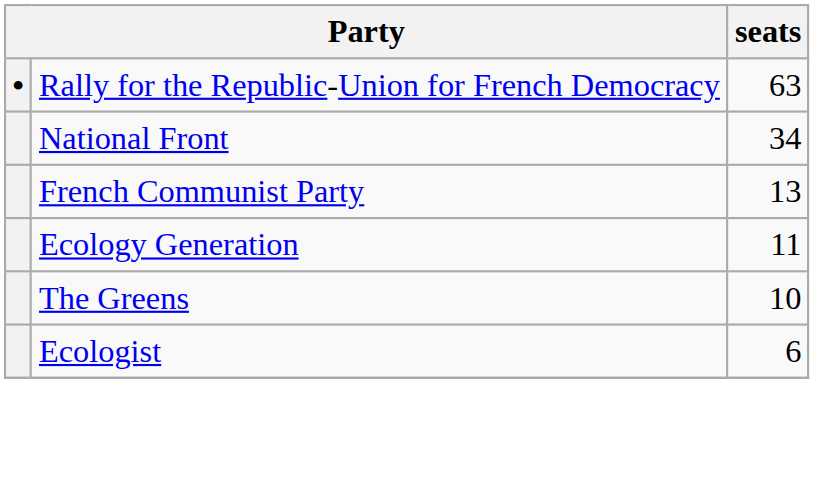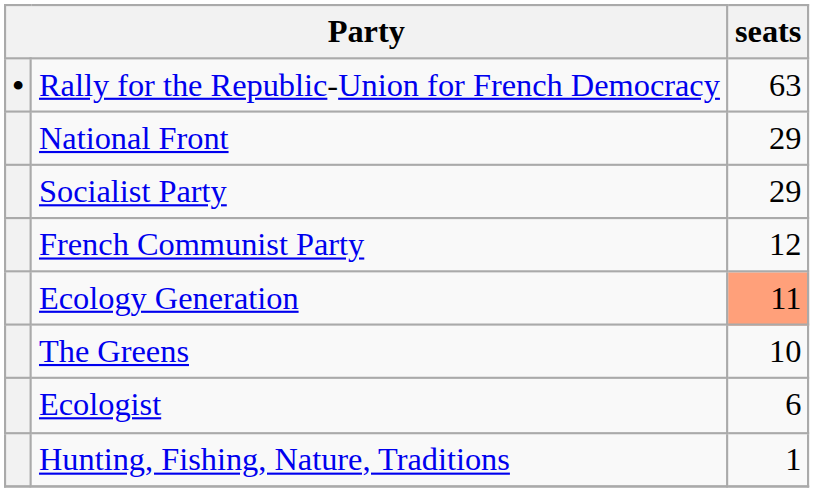 <table class="wikitable" style="font-size: 95%;">
 <tr>
 <th colspan=2>Party</th>
 <th>seats</th>
 </tr>
 <tr>
 <th style="background-color: "><span>•</span></th>
 <td><a href='#'>Rally for the Republic</a>-<a href='#'>Union for French Democracy</a></td>
 <td align="right">63</td>
 </tr>
 <tr>
 <th style="background-color: "></th>
 <td><a href='#'>National Front</a></td>
-<td align="right">34</td>
+<td align="right">29</td>
+</tr>
+<tr>
+<th style="background-color: "></th>
+<td><a href='#'>Socialist Party</a></td>
+<td align="right">29</td>
 </tr>
 <tr>
 <th style="background-color: "></th>
 <td><a href='#'>French Communist Party</a></td>
-<td align="right">13</td>
+<td align="right">12</td>
 </tr>
 <tr>
 <th style="background-color: "></th>
 <td><a href='#'>Ecology Generation</a></td>
-<td align="right">11</td>
+<td align="right" style="background: lightsalmon;">11</td>
 </tr>
 <tr>
 <th style="background-color: "></th>
 <td><a href='#'>The Greens</a></td>
 <td align="right">10</td>
 </tr>
 <tr>
 <th style="background-color: "></th>
 <td><a href='#'>Ecologist</a></td>
 <td align="right">6</td>
 </tr>
 <tr>
+<th style="background-color: "></th>
+<td><a href='#'>Hunting, Fishing, Nature, Traditions</a></td>
+<td align="right">1</td>
+</tr>
+<tr>
 </tr>
 </table>
